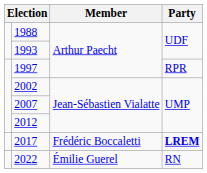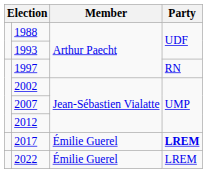 <table class="wikitable">
 <tr>
 <th colspan=2>Election</th>
 <th>Member</th>
 <th>Party</th>
 </tr>
 <tr>
 <td rowspan="2" style="background-color: "></td>
 <td><a href='#'>1988</a></td>
 <td rowspan="3"><a href='#'>Arthur Paecht</a></td>
 <td rowspan="2"><a href='#'>UDF</a></td>
 </tr>
 <tr>
 <td><a href='#'>1993</a></td>
 </tr>
 <tr>
 <td rowspan="4" style="background-color: "></td>
 <td><a href='#'>1997</a></td>
-<td><a href='#'>RPR</a></td>
+<td><a href='#'>RN</a></td>
 </tr>
 <tr>
 <td><a href='#'>2002</a></td>
 <td rowspan="3"><a href='#'>Jean-Sébastien Vialatte</a></td>
 <td rowspan="3"><a href='#'>UMP</a></td>
 </tr>
 <tr>
 <td><a href='#'>2007</a></td>
 </tr>
 <tr>
 <td><a href='#'>2012</a></td>
 </tr>
 <tr>
 <td style="background-color: "></td>
 <td><a href='#'>2017</a></td>
-<td><a href='#'>Frédéric Boccaletti</a></td>
+<td><a href='#'>Émilie Guerel</a></td>
 <td><strong><a href='#'>LREM</a></strong></td>
 </tr>
 <tr>
 <td style="background-color: "></td>
 <td><a href='#'>2022</a></td>
 <td><a href='#'>Émilie Guerel</a></td>
-<td><a href='#'>RN</a></td>
+<td><a href='#'>LREM</a></td>
 </tr>
 </table>
